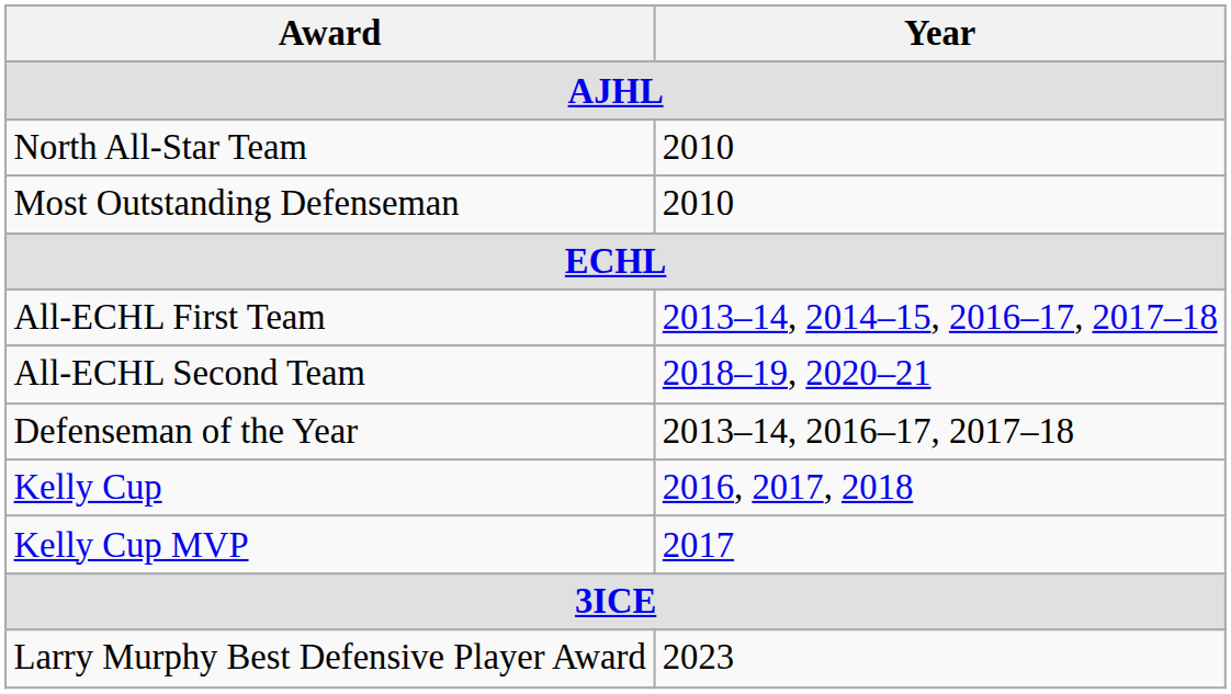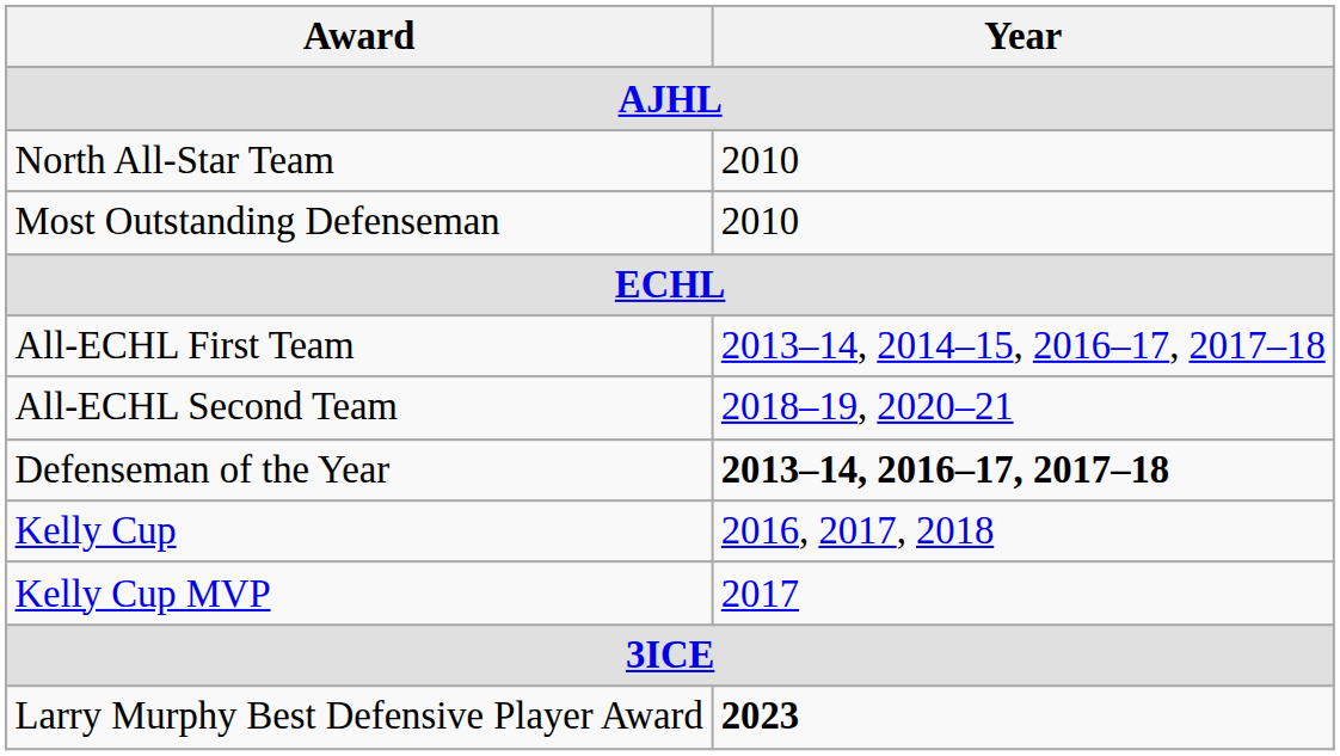 <table class="wikitable">
 <tr>
 <th>Award</th>
 <th>Year</th>
 </tr>
 <tr ALIGN="center" bgcolor="#e0e0e0">
 <td colspan="2"><strong><a href='#'>AJHL</a></strong></td>
 </tr>
 <tr>
 <td>North All-Star Team</td>
 <td>2010</td>
 </tr>
 <tr>
 <td>Most Outstanding Defenseman</td>
 <td>2010</td>
 </tr>
 <tr ALIGN="center" bgcolor="#e0e0e0">
 <td colspan="2"><strong><a href='#'>ECHL</a></strong></td>
 </tr>
 <tr>
 <td>All-ECHL First Team</td>
 <td><a href='#'>2013–14</a>, <a href='#'>2014–15</a>, <a href='#'>2016–17</a>, <a href='#'>2017–18</a></td>
 </tr>
 <tr>
 <td>All-ECHL Second Team</td>
 <td><a href='#'>2018–19</a>, <a href='#'>2020–21</a></td>
 </tr>
 <tr>
 <td>Defenseman of the Year</td>
-<td>2013–14, 2016–17, 2017–18</td>
+<td><strong>2013–14, 2016–17, 2017–18</strong></td>
 </tr>
 <tr>
 <td><a href='#'>Kelly Cup</a></td>
 <td><a href='#'>2016</a>, <a href='#'>2017</a>, <a href='#'>2018</a></td>
 </tr>
 <tr>
 <td><a href='#'>Kelly Cup MVP</a></td>
 <td><a href='#'>2017</a></td>
 </tr>
 <tr ALIGN="center" bgcolor="#e0e0e0">
 <td colspan="2"><strong><a href='#'>3ICE</a></strong></td>
 </tr>
 <tr>
 <td>Larry Murphy Best Defensive Player Award</td>
-<td>2023</td>
+<td><strong>2023</strong></td>
 </tr>
 </table>
